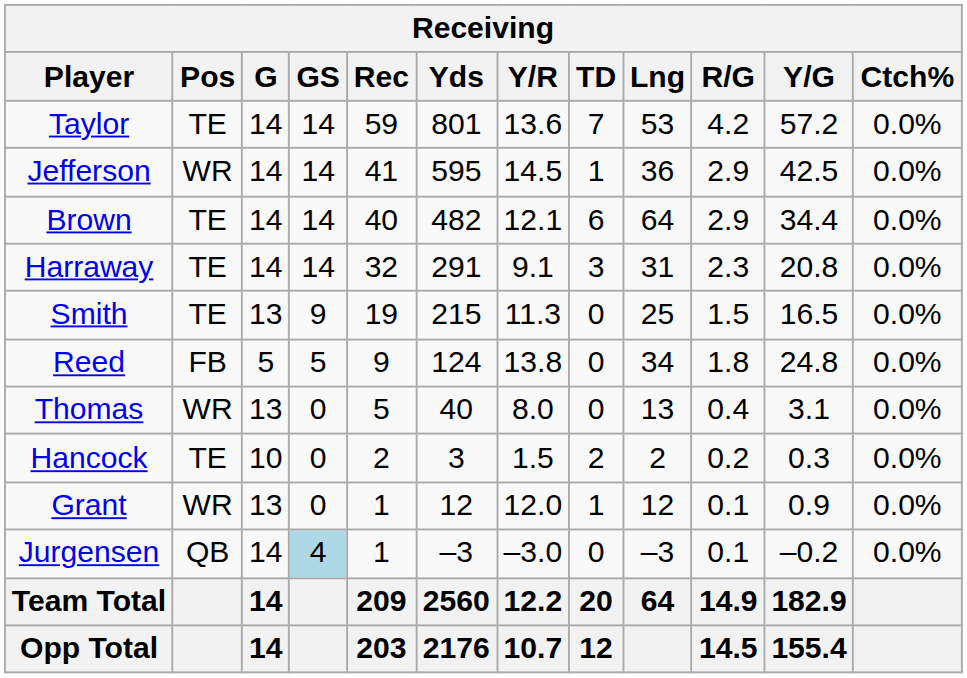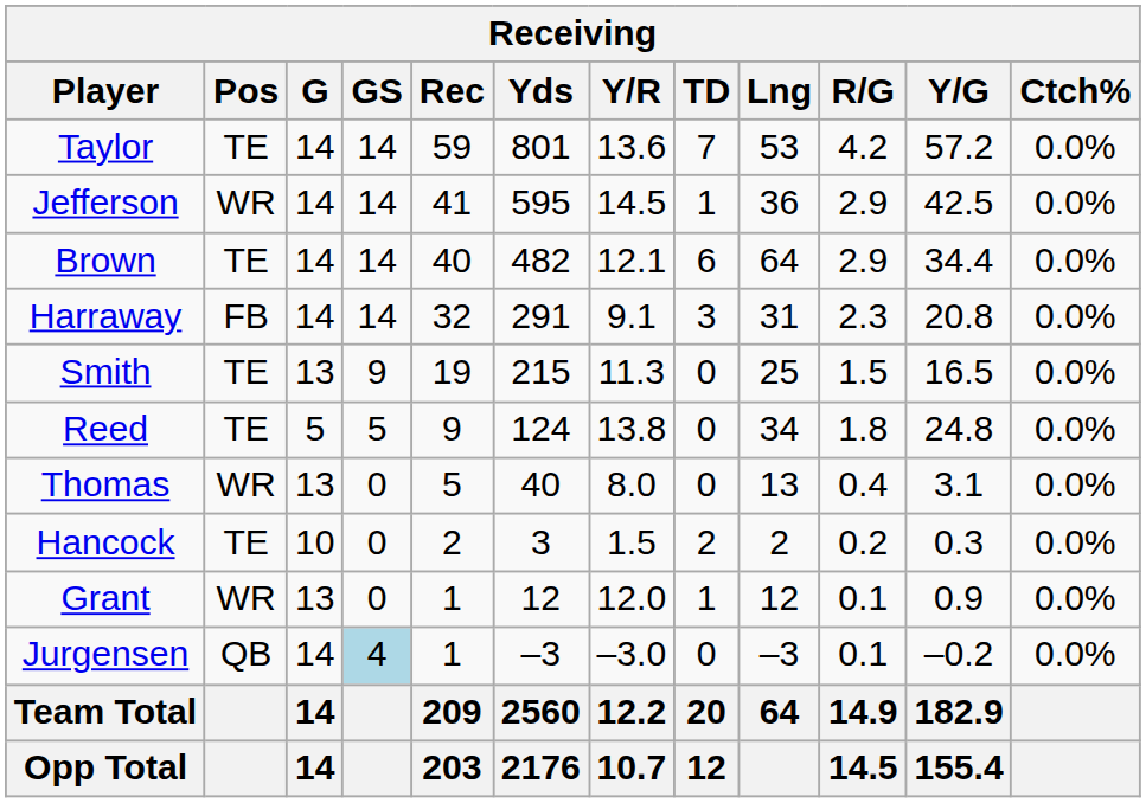 <table class="wikitable" style="text-align:center">
 <tr>
 <th colspan="12">Receiving</th>
 </tr>
 <tr>
 <th>Player</th>
 <th>Pos</th>
 <th>G</th>
 <th>GS</th>
 <th>Rec</th>
 <th>Yds</th>
 <th>Y/R</th>
 <th>TD</th>
 <th>Lng</th>
 <th>R/G</th>
 <th>Y/G</th>
 <th>Ctch%</th>
 </tr>
 <tr>
 <td><a href='#'>Taylor</a></td>
 <td>TE</td>
 <td>14</td>
 <td>14</td>
 <td>59</td>
 <td>801</td>
 <td>13.6</td>
 <td>7</td>
 <td>53</td>
 <td>4.2</td>
 <td>57.2</td>
 <td>0.0%</td>
 </tr>
 <tr>
 <td><a href='#'>Jefferson</a></td>
 <td>WR</td>
 <td>14</td>
 <td>14</td>
 <td>41</td>
 <td>595</td>
 <td>14.5</td>
 <td>1</td>
 <td>36</td>
 <td>2.9</td>
 <td>42.5</td>
 <td>0.0%</td>
 </tr>
 <tr>
 <td><a href='#'>Brown</a></td>
 <td>TE</td>
 <td>14</td>
 <td>14</td>
 <td>40</td>
 <td>482</td>
 <td>12.1</td>
 <td>6</td>
 <td>64</td>
 <td>2.9</td>
 <td>34.4</td>
 <td>0.0%</td>
 </tr>
 <tr>
 <td><a href='#'>Harraway</a></td>
-<td>TE</td>
+<td>FB</td>
 <td>14</td>
 <td>14</td>
 <td>32</td>
 <td>291</td>
 <td>9.1</td>
 <td>3</td>
 <td>31</td>
 <td>2.3</td>
 <td>20.8</td>
 <td>0.0%</td>
 </tr>
 <tr>
 <td><a href='#'>Smith</a></td>
 <td>TE</td>
 <td>13</td>
 <td>9</td>
 <td>19</td>
 <td>215</td>
 <td>11.3</td>
 <td>0</td>
 <td>25</td>
 <td>1.5</td>
 <td>16.5</td>
 <td>0.0%</td>
 </tr>
 <tr>
 <td><a href='#'>Reed</a></td>
-<td>FB</td>
+<td>TE</td>
 <td>5</td>
 <td>5</td>
 <td>9</td>
 <td>124</td>
 <td>13.8</td>
 <td>0</td>
 <td>34</td>
 <td>1.8</td>
 <td>24.8</td>
 <td>0.0%</td>
 </tr>
 <tr>
 <td><a href='#'>Thomas</a></td>
 <td>WR</td>
 <td>13</td>
 <td>0</td>
 <td>5</td>
 <td>40</td>
 <td>8.0</td>
 <td>0</td>
 <td>13</td>
 <td>0.4</td>
 <td>3.1</td>
 <td>0.0%</td>
 </tr>
 <tr>
 <td><a href='#'>Hancock</a></td>
 <td>TE</td>
 <td>10</td>
 <td>0</td>
 <td>2</td>
 <td>3</td>
 <td>1.5</td>
 <td>2</td>
 <td>2</td>
 <td>0.2</td>
 <td>0.3</td>
 <td>0.0%</td>
 </tr>
 <tr>
 <td><a href='#'>Grant</a></td>
 <td>WR</td>
 <td>13</td>
 <td>0</td>
 <td>1</td>
 <td>12</td>
 <td>12.0</td>
 <td>1</td>
 <td>12</td>
 <td>0.1</td>
 <td>0.9</td>
 <td>0.0%</td>
 </tr>
 <tr>
 <td><a href='#'>Jurgensen</a></td>
 <td>QB</td>
 <td>14</td>
 <td style="background: lightblue;">4</td>
 <td>1</td>
 <td>–3</td>
 <td>–3.0</td>
 <td>0</td>
 <td>–3</td>
 <td>0.1</td>
 <td>–0.2</td>
 <td>0.0%</td>
 </tr>
 <tr>
 <th>Team Total</th>
 <th></th>
 <th>14</th>
 <th></th>
 <th>209</th>
 <th>2560</th>
 <th>12.2</th>
 <th>20</th>
 <th>64</th>
 <th>14.9</th>
 <th>182.9</th>
 <th></th>
 </tr>
 <tr>
 <th>Opp Total</th>
 <th></th>
 <th>14</th>
 <th></th>
 <th>203</th>
 <th>2176</th>
 <th>10.7</th>
 <th>12</th>
 <th></th>
 <th>14.5</th>
 <th>155.4</th>
 <th></th>
 </tr>
 </table>
